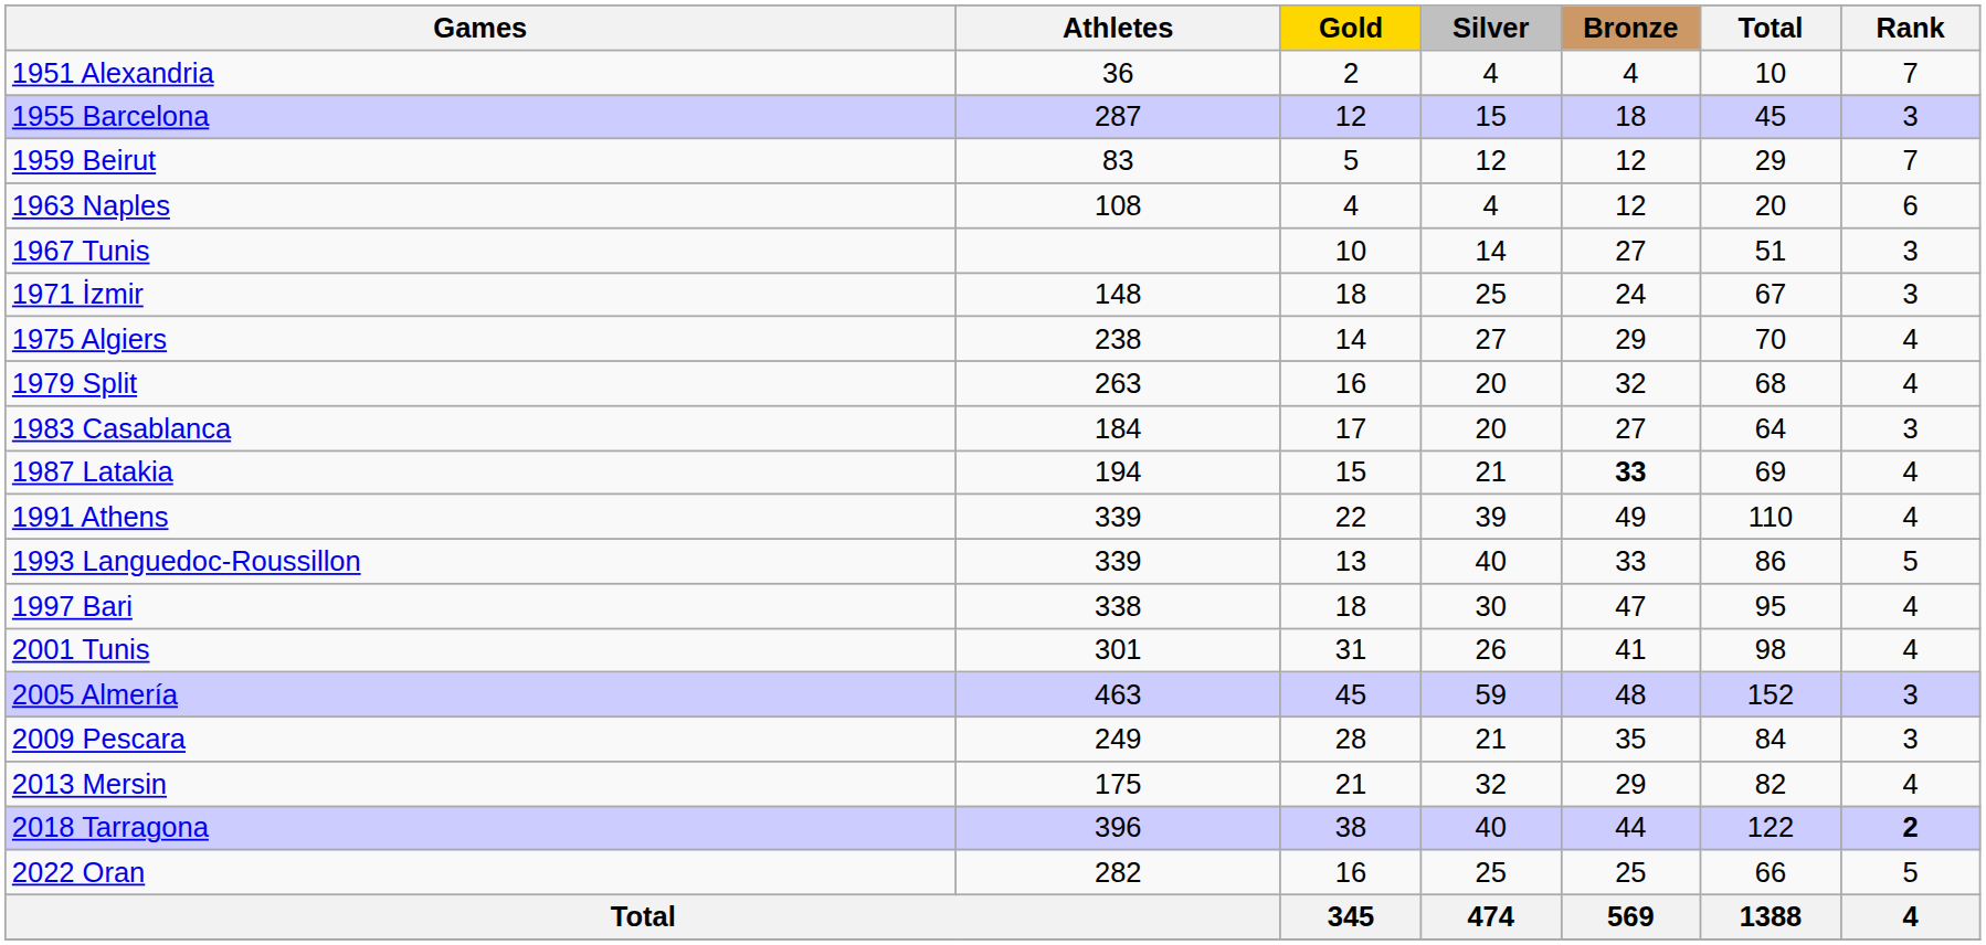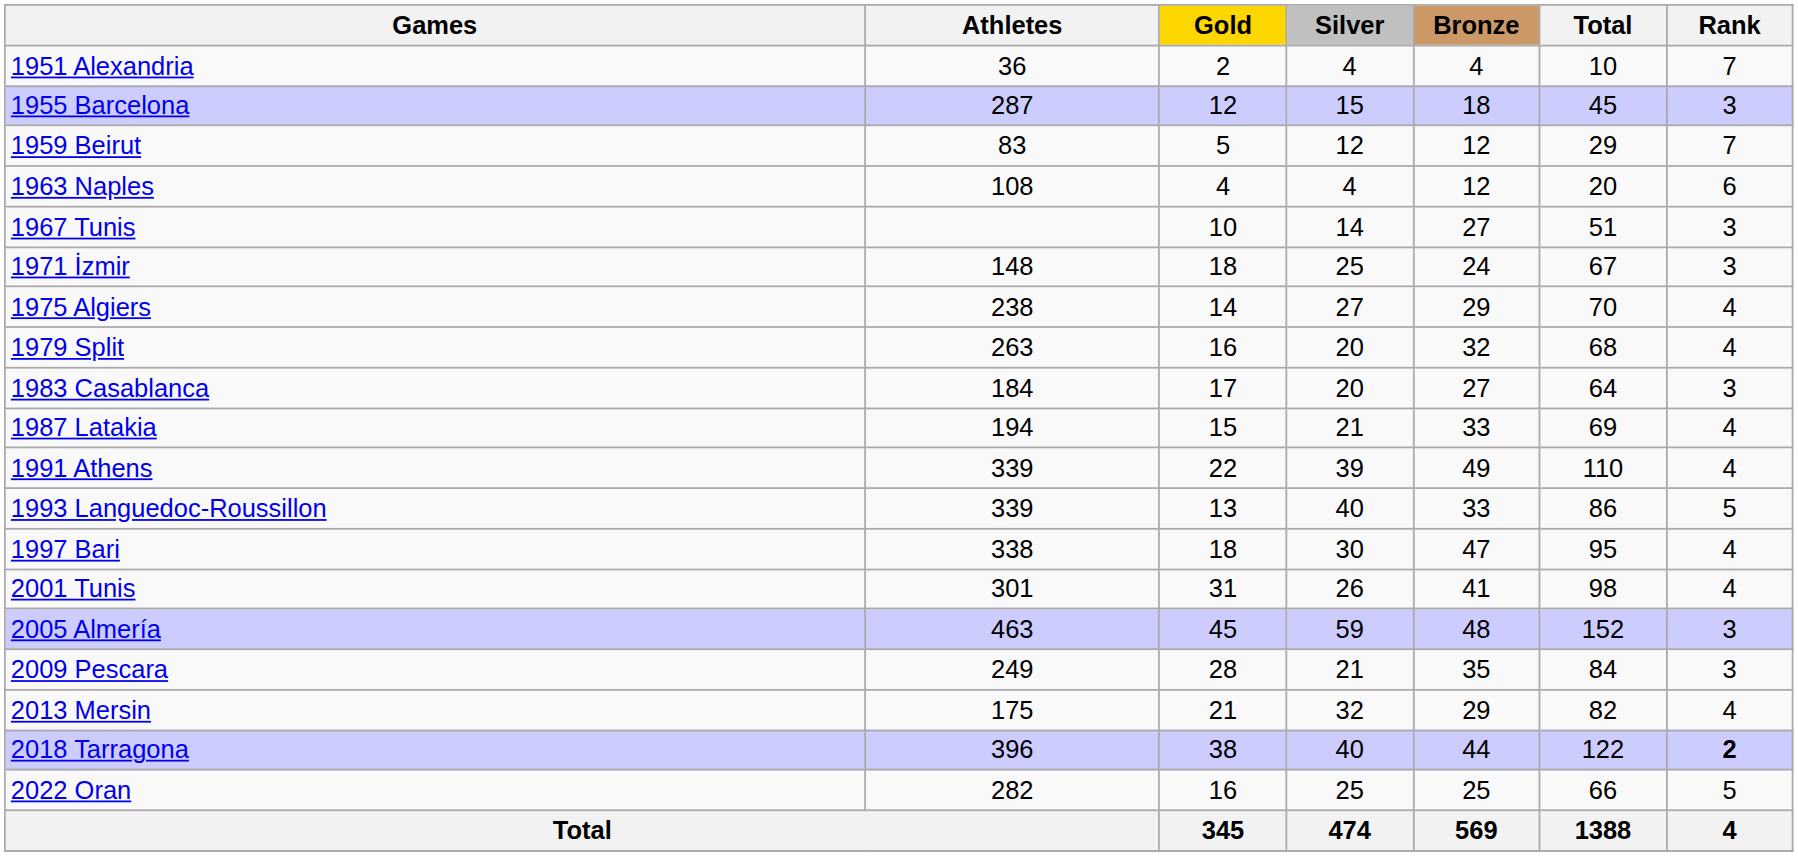 <table class="wikitable" width=80% style="font-size:90%; text-align:center;">
 <tr>
 <th>Games</th>
 <th>Athletes</th>
 <td style="background:gold; width:4.5em; font-weight:bold;">Gold</td>
 <td style="background:silver; width:4.5em; font-weight:bold;">Silver</td>
 <td style="background:#cc9966; width:4.5em; font-weight:bold;">Bronze</td>
 <th style="width:4.5em; font-weight:bold;">Total</th>
 <th style="width:4.5em; font-weight:bold;">Rank</th>
 </tr>
 <tr>
 <td align=left><a href='#'>1951 Alexandria</a></td>
 <td>36</td>
 <td>2</td>
 <td>4</td>
 <td>4</td>
 <td>10</td>
 <td>7</td>
 </tr>
 <tr style="background:#ccccff">
 <td align=left><a href='#'>1955 Barcelona</a></td>
 <td>287</td>
 <td>12</td>
 <td>15</td>
 <td>18</td>
 <td>45</td>
 <td>3</td>
 </tr>
 <tr>
 <td align=left><a href='#'>1959 Beirut</a></td>
 <td>83</td>
 <td>5</td>
 <td>12</td>
 <td>12</td>
 <td>29</td>
 <td>7</td>
 </tr>
 <tr>
 <td align=left><a href='#'>1963 Naples</a></td>
 <td>108</td>
 <td>4</td>
 <td>4</td>
 <td>12</td>
 <td>20</td>
 <td>6</td>
 </tr>
 <tr>
 <td align=left><a href='#'>1967 Tunis</a></td>
 <td></td>
 <td>10</td>
 <td>14</td>
 <td>27</td>
 <td>51</td>
 <td>3</td>
 </tr>
 <tr>
 <td align=left><a href='#'>1971 İzmir</a></td>
 <td>148</td>
 <td>18</td>
 <td>25</td>
 <td>24</td>
 <td>67</td>
 <td>3</td>
 </tr>
 <tr>
 <td align=left><a href='#'>1975 Algiers</a></td>
 <td>238</td>
 <td>14</td>
 <td>27</td>
 <td>29</td>
 <td>70</td>
 <td>4</td>
 </tr>
 <tr>
 <td align=left><a href='#'>1979 Split</a></td>
 <td>263</td>
 <td>16</td>
 <td>20</td>
 <td>32</td>
 <td>68</td>
 <td>4</td>
 </tr>
 <tr>
 <td align=left><a href='#'>1983 Casablanca</a></td>
 <td>184</td>
 <td>17</td>
 <td>20</td>
 <td>27</td>
 <td>64</td>
 <td>3</td>
 </tr>
 <tr>
 <td align=left><a href='#'>1987 Latakia</a></td>
 <td>194</td>
 <td>15</td>
 <td>21</td>
-<td><strong>33</strong></td>
+<td>33</td>
 <td>69</td>
 <td>4</td>
 </tr>
 <tr>
 <td align=left><a href='#'>1991 Athens</a></td>
 <td>339</td>
 <td>22</td>
 <td>39</td>
 <td>49</td>
 <td>110</td>
 <td>4</td>
 </tr>
 <tr>
 <td align=left><a href='#'>1993 Languedoc-Roussillon</a></td>
 <td>339</td>
 <td>13</td>
 <td>40</td>
 <td>33</td>
 <td>86</td>
 <td>5</td>
 </tr>
 <tr>
 <td align=left><a href='#'>1997 Bari</a></td>
 <td>338</td>
 <td>18</td>
 <td>30</td>
 <td>47</td>
 <td>95</td>
 <td>4</td>
 </tr>
 <tr>
 <td align=left><a href='#'>2001 Tunis</a></td>
 <td>301</td>
 <td>31</td>
 <td>26</td>
 <td>41</td>
 <td>98</td>
 <td>4</td>
 </tr>
 <tr style="background:#ccccff">
 <td align=left><a href='#'>2005 Almería</a></td>
 <td>463</td>
 <td>45</td>
 <td>59</td>
 <td>48</td>
 <td>152</td>
 <td>3</td>
 </tr>
 <tr>
 <td align=left><a href='#'>2009 Pescara</a></td>
 <td>249</td>
 <td>28</td>
 <td>21</td>
 <td>35</td>
 <td>84</td>
 <td>3</td>
 </tr>
 <tr>
 <td align=left><a href='#'>2013 Mersin</a></td>
 <td>175</td>
 <td>21</td>
 <td>32</td>
 <td>29</td>
 <td>82</td>
 <td>4</td>
 </tr>
 <tr style="background:#ccccff">
 <td align=left><a href='#'>2018 Tarragona</a></td>
 <td>396</td>
 <td>38</td>
 <td>40</td>
 <td>44</td>
 <td>122</td>
 <td><strong>2</strong></td>
 </tr>
 <tr>
 <td align=left><a href='#'>2022 Oran</a></td>
 <td>282</td>
 <td>16</td>
 <td>25</td>
 <td>25</td>
 <td>66</td>
 <td>5</td>
 </tr>
 <tr>
 <th colspan=2>Total</th>
 <th>345</th>
 <th>474</th>
 <th>569</th>
 <th>1388</th>
 <th>4</th>
 </tr>
 <tr class="sortbottom">
 </tr>
 </table>
